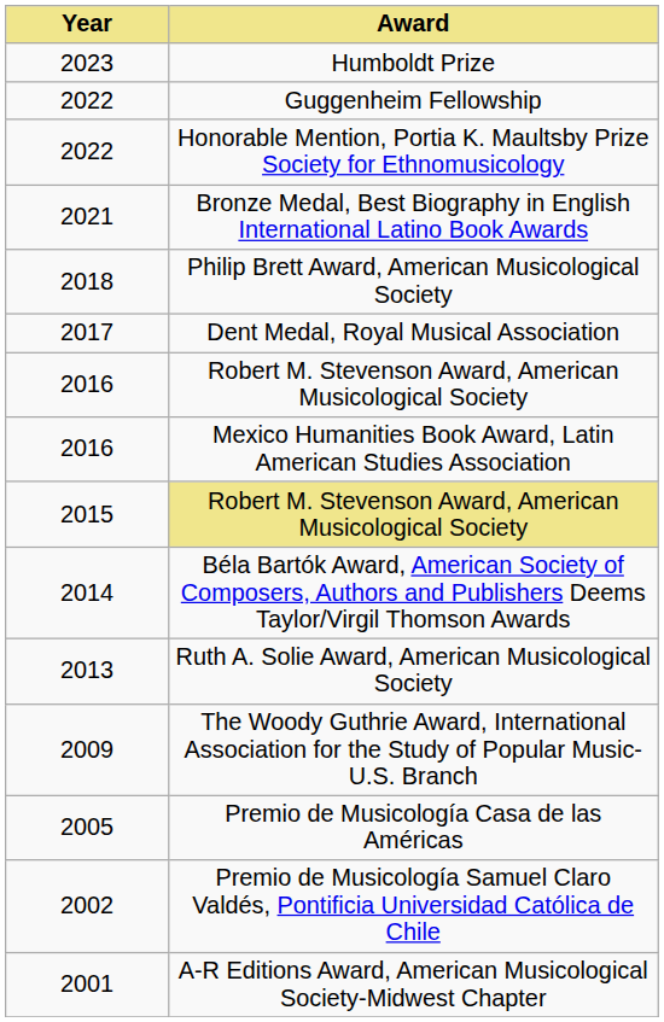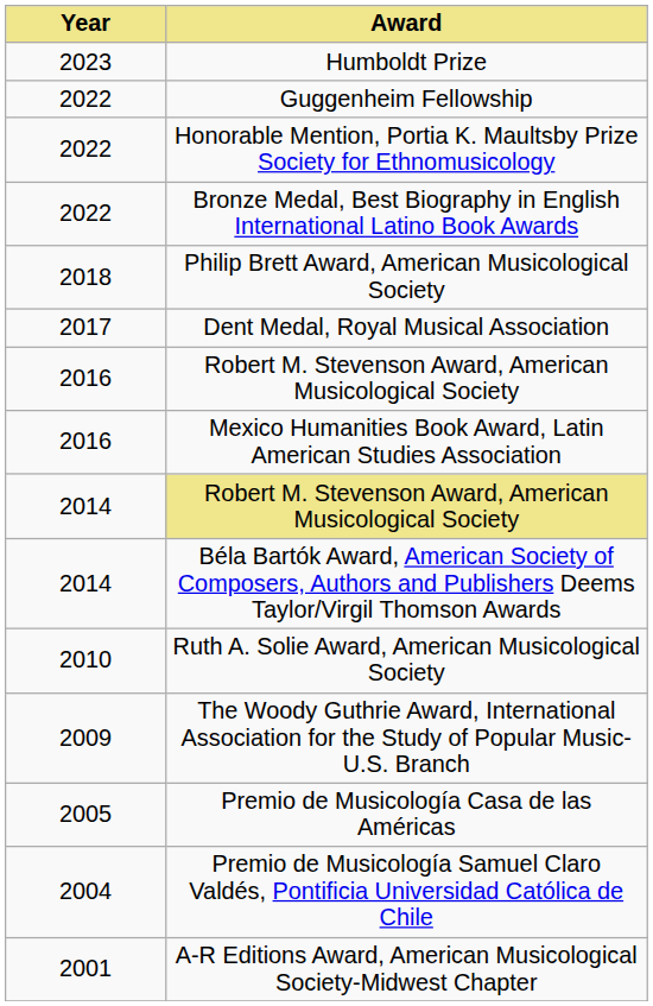 <table width="70%" class="wikitable">
 <tr>
 <th width="10" style="background:#F0E68C">Year</th>
 <th width="80" style="background:#F0E68C">Award</th>
 </tr>
 <tr>
 <td align="center">2023</td>
 <td align="center">Humboldt Prize</td>
 </tr>
 <tr>
 <td align="center">2022</td>
 <td align="center">Guggenheim Fellowship</td>
 </tr>
 <tr>
 <td align="center">2022</td>
 <td align="center">Honorable Mention, Portia K. Maultsby Prize <a href='#'>Society for Ethnomusicology</a></td>
 </tr>
 <tr>
-<td align="center">2021</td>
+<td align="center">2022</td>
 <td align="center">Bronze Medal, Best Biography in English <a href='#'>International Latino Book Awards</a></td>
 </tr>
 <tr>
 <td align="center">2018</td>
 <td align="center">Philip Brett Award, American Musicological Society</td>
 </tr>
 <tr>
 <td align="center">2017</td>
 <td align="center">Dent Medal, Royal Musical Association</td>
 </tr>
 <tr>
 <td align="center">2016</td>
 <td align="center">Robert M. Stevenson Award, American Musicological Society</td>
 </tr>
 <tr>
 <td align="center">2016</td>
 <td align="center">Mexico Humanities Book Award, Latin American Studies Association</td>
 </tr>
 <tr>
-<td align="center">2015</td>
+<td align="center">2014</td>
 <td align="center" style="background: khaki;">Robert M. Stevenson Award, American Musicological Society</td>
 </tr>
 <tr>
 <td align="center">2014</td>
 <td align="center">Béla Bartók Award, <a href='#'>American Society of Composers, Authors and Publishers</a> Deems Taylor/Virgil Thomson Awards</td>
 </tr>
 <tr>
-<td align="center">2013</td>
+<td align="center">2010</td>
 <td align="center">Ruth A. Solie Award, American Musicological Society</td>
 </tr>
 <tr>
 <td align="center">2009</td>
 <td align="center">The Woody Guthrie Award, International Association for the Study of Popular Music-U.S. Branch</td>
 </tr>
 <tr>
 <td align="center">2005</td>
 <td align="center">Premio de Musicología Casa de las Américas</td>
 </tr>
 <tr>
-<td align="center">2002</td>
+<td align="center">2004</td>
 <td align="center">Premio de Musicología Samuel Claro Valdés, <a href='#'>Pontificia Universidad Católica de Chile</a></td>
 </tr>
 <tr>
 <td align="center">2001</td>
 <td align="center">A-R Editions Award, American Musicological Society-Midwest Chapter</td>
 </tr>
 </table>
